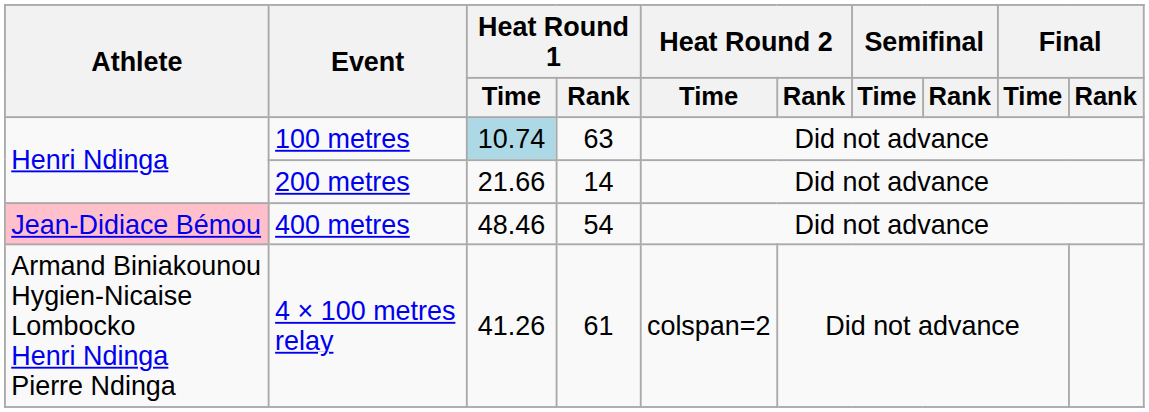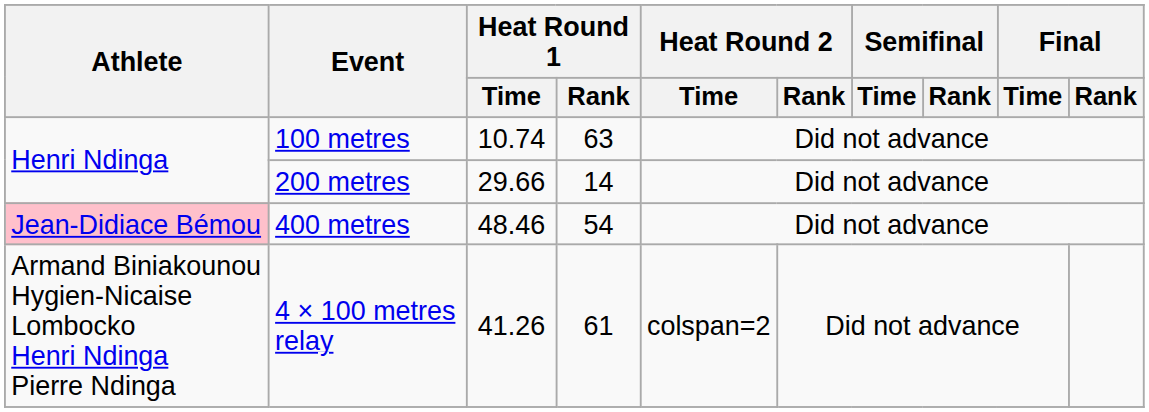 <table class=wikitable style="font-size:90%; text-align:center">
 <tr>
 <th rowspan=2>Athlete</th>
 <th rowspan=2>Event</th>
 <th colspan=2>Heat Round 1</th>
 <th colspan=2>Heat Round 2</th>
 <th colspan=2>Semifinal</th>
 <th colspan=2>Final</th>
 </tr>
 <tr style=font-size:95%>
 <th>Time</th>
 <th>Rank</th>
 <th>Time</th>
 <th>Rank</th>
 <th>Time</th>
 <th>Rank</th>
 <th>Time</th>
 <th>Rank</th>
 </tr>
 <tr align=center>
 <td align=left rowspan=2><a href='#'>Henri Ndinga</a></td>
 <td align=left><a href='#'>100 metres</a></td>
-<td style="background: lightblue;">10.74</td>
+<td>10.74</td>
 <td>63</td>
 <td colspan=6>Did not advance</td>
 </tr>
 <tr align=center>
 <td align=left><a href='#'>200 metres</a></td>
-<td>21.66</td>
+<td>29.66</td>
 <td>14</td>
 <td colspan=6>Did not advance</td>
 </tr>
 <tr align=center>
 <td align=left style="background: pink;"><a href='#'>Jean-Didiace Bémou</a></td>
 <td align=left><a href='#'>400 metres</a></td>
 <td>48.46</td>
 <td>54</td>
 <td colspan=6>Did not advance</td>
 </tr>
 <tr align=center>
 <td align=left>Armand Biniakounou<br>Hygien-Nicaise Lombocko<br><a href='#'>Henri Ndinga</a><br>Pierre Ndinga</td>
 <td align=left><a href='#'>4 × 100 metres relay</a></td>
 <td>41.26</td>
 <td>61</td>
 <td>colspan=2</td>
 <td colspan=4>Did not advance</td>
 </tr>
 </table>
